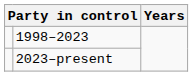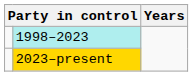 <table class="wikitable">
 <tr>
 <th colspan="2">Party in control</th>
 <th>Years</th>
 </tr>
 <tr>
 <td></td>
-<td>1998–2023</td>
+<td style="background: paleturquoise;">1998–2023</td>
 </tr>
 <tr>
 <td></td>
-<td>2023–present</td>
+<td style="background: gold;">2023–present</td>
 </tr>
 </table>
